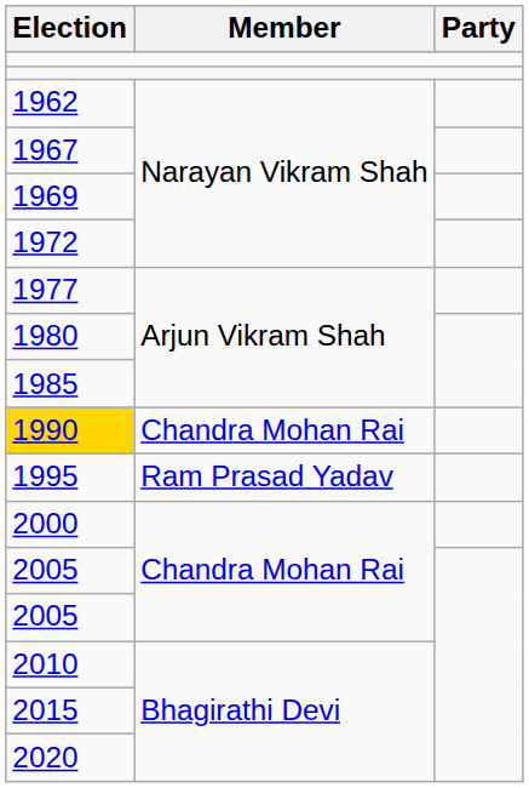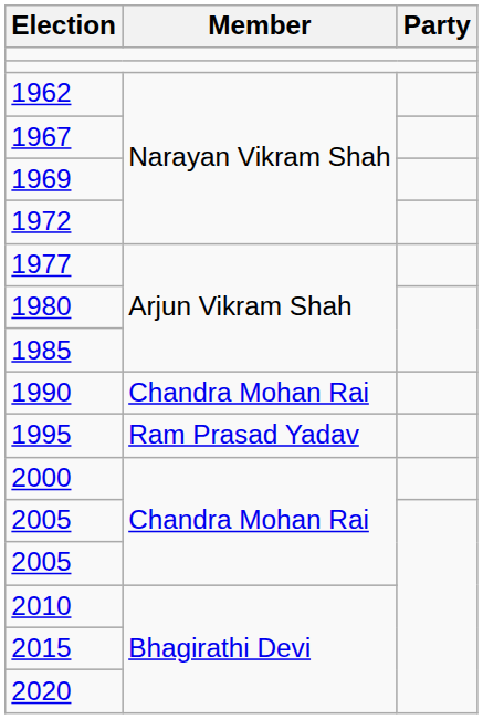 <table class="wikitable sortable">
 <tr>
 <th>Election</th>
 <th>Member</th>
 <th colspan="2">Party</th>
 </tr>
 <tr>
 <td colspan="4"></td>
 </tr>
 <tr>
 <td colspan="4"></td>
 </tr>
 <tr>
 <td><a href='#'>1962</a></td>
 <td rowspan="4">Narayan Vikram Shah</td>
 <td></td>
 </tr>
 <tr>
 <td><a href='#'>1967</a></td>
 <td></td>
 </tr>
 <tr>
 <td><a href='#'>1969</a></td>
 </tr>
 <tr>
 <td><a href='#'>1972</a></td>
 <td></td>
 </tr>
 <tr>
 <td><a href='#'>1977</a></td>
 <td rowspan="3">Arjun Vikram Shah</td>
 <td></td>
 </tr>
 <tr>
 <td><a href='#'>1980</a></td>
 </tr>
 <tr>
 <td><a href='#'>1985</a></td>
 </tr>
 <tr>
-<td style="background: gold;"><a href='#'>1990</a></td>
+<td><a href='#'>1990</a></td>
 <td><a href='#'>Chandra Mohan Rai</a></td>
 <td></td>
 </tr>
 <tr>
 <td><a href='#'>1995</a></td>
 <td><a href='#'>Ram Prasad Yadav</a></td>
 <td></td>
 </tr>
 <tr>
 <td><a href='#'>2000</a></td>
 <td rowspan="3"><a href='#'>Chandra Mohan Rai</a></td>
 <td></td>
 </tr>
 <tr>
 <td><a href='#'>2005</a></td>
 </tr>
 <tr>
 <td><a href='#'>2005</a></td>
 </tr>
 <tr>
 <td><a href='#'>2010</a></td>
 <td rowspan="3"><a href='#'>Bhagirathi Devi</a></td>
 </tr>
 <tr>
 <td><a href='#'>2015</a></td>
 </tr>
 <tr>
 <td><a href='#'>2020</a></td>
 </tr>
 </table>
